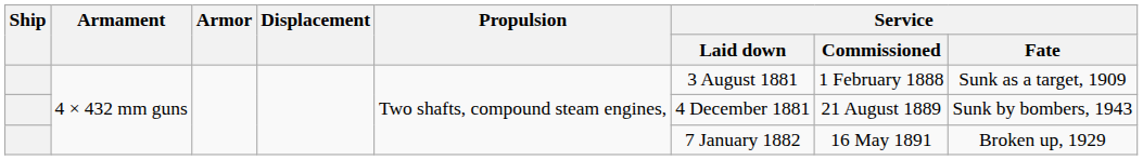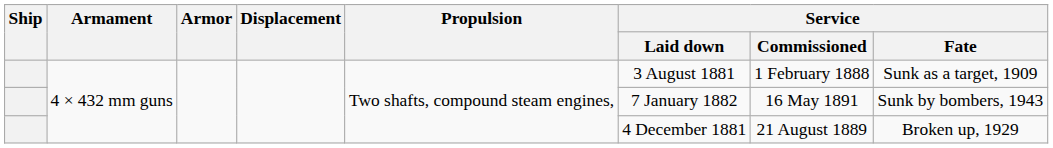 <table class="wikitable plainrowheaders" style="text-align: center;">
 <tr valign="top">
 <th scope="col" rowspan="2">Ship</th>
 <th scope="col" rowspan="2">Armament</th>
 <th scope="col" rowspan="2">Armor</th>
 <th scope="col" rowspan="2">Displacement</th>
 <th scope="col" rowspan="2">Propulsion</th>
 <th scope="col" colspan="3">Service</th>
 </tr>
 <tr valign="top">
 <th scope="col">Laid down</th>
 <th scope="col">Commissioned</th>
 <th scope="col">Fate</th>
 </tr>
 <tr valign="center">
 <th scope="row"></th>
 <td rowspan="3">4 × 432 mm guns</td>
 <td rowspan="3"></td>
 <td rowspan="3"></td>
 <td rowspan="3">Two shafts, compound steam engines, </td>
 <td>3 August 1881</td>
 <td>1 February 1888</td>
 <td>Sunk as a target, 1909</td>
 </tr>
 <tr valign="center">
 <th scope="row"></th>
-<td>4 December 1881</td>
-<td>21 August 1889</td>
+<td>7 January 1882</td>
+<td>16 May 1891</td>
 <td>Sunk by bombers, 1943</td>
 </tr>
 <tr valign="center">
 <th scope="row"></th>
-<td>7 January 1882</td>
-<td>16 May 1891</td>
+<td>4 December 1881</td>
+<td>21 August 1889</td>
 <td>Broken up, 1929</td>
 </tr>
 </table>
